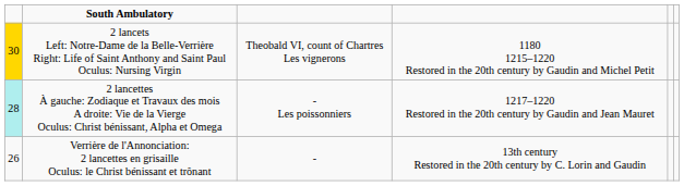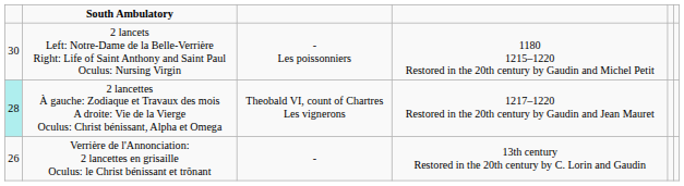 <table class="wikitable" style="width:100%;text-align:center;font-size:90%;">
 <tr>
 <td></td>
 <td><strong>South Ambulatory</strong></td>
 <td></td>
 <td></td>
 <td></td>
 <td></td>
 </tr>
 <tr>
-<td style="background: gold;">30</td>
+<td>30</td>
 <td>2 lancets<br>Left: Notre-Dame de la Belle-Verrière<br>Right: Life of Saint Anthony and Saint Paul<br>Oculus: Nursing Virgin</td>
-<td>Theobald VI, count of Chartres<br>Les vignerons</td>
+<td>-<br>Les poissonniers</td>
 <td><br>1180<br>1215–1220<br>Restored in the 20th century by Gaudin and Michel Petit</td>
 <td></td>
 <td><br></td>
 </tr>
 <tr>
 <td style="background: paleturquoise;">28</td>
 <td>2 lancettes<br>À gauche: Zodiaque et Travaux des mois<br>A droite: Vie de la Vierge<br>Oculus: Christ bénissant, Alpha et Omega</td>
-<td>-<br>Les poissonniers</td>
+<td>Theobald VI, count of Chartres<br>Les vignerons</td>
 <td>1217–1220<br>Restored in the 20th century by Gaudin and Jean Mauret</td>
 <td></td>
 <td><br></td>
 </tr>
 <tr>
 <td>26</td>
 <td>Verrière de l'Annonciation:<br>2 lancettes en grisaille<br>Oculus: le Christ bénissant et trônant</td>
 <td>-</td>
 <td>13th century<br>Restored in the 20th century by C. Lorin and Gaudin</td>
 <td></td>
 <td></td>
 </tr>
 </table>
